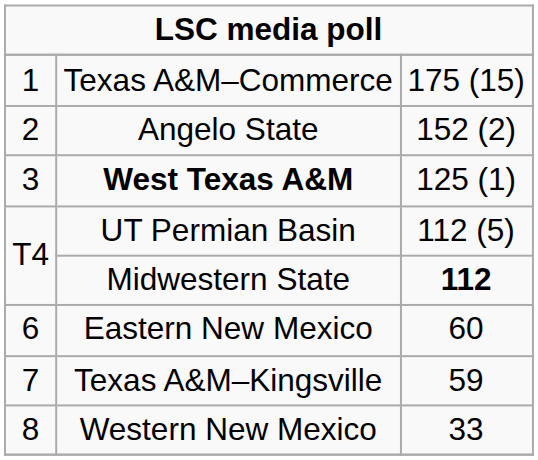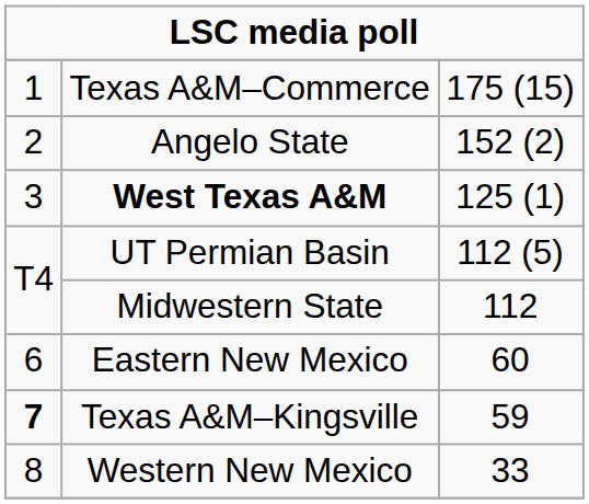 <table class="wikitable" style="display: inline-table;">
 <tr>
 <td align="center" Colspan="3"><strong>LSC media poll</strong></td>
 </tr>
 <tr align="center">
 </tr>
 <tr align="center">
 <td>1</td>
 <td>Texas A&M–Commerce</td>
 <td>175 (15)</td>
 </tr>
 <tr align="center">
 <td>2</td>
 <td>Angelo State</td>
 <td>152 (2)</td>
 </tr>
 <tr align="center">
 <td>3</td>
 <td><strong>West Texas A&M</strong></td>
 <td>125 (1)</td>
 </tr>
 <tr align="center">
 <td rowspan=2>T4</td>
 <td>UT Permian Basin</td>
 <td>112 (5)</td>
 </tr>
 <tr align="center">
 <td>Midwestern State</td>
-<td><strong>112</strong></td>
+<td>112</td>
 </tr>
 <tr align="center">
 <td>6</td>
 <td>Eastern New Mexico</td>
 <td>60</td>
 </tr>
 <tr align="center">
-<td>7</td>
+<td><strong>7</strong></td>
 <td>Texas A&M–Kingsville</td>
 <td>59</td>
 </tr>
 <tr align="center">
 <td>8</td>
 <td>Western New Mexico</td>
 <td>33</td>
 </tr>
 <tr>
 </tr>
 </table>
